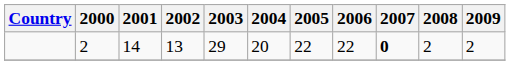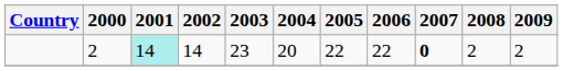 <table class="wikitable sortable" border="1">
 <tr>
 <th><a href='#'>Country</a></th>
 <th>2000</th>
 <th>2001</th>
 <th>2002</th>
 <th>2003</th>
 <th>2004</th>
 <th>2005</th>
 <th>2006</th>
 <th>2007</th>
 <th>2008</th>
 <th>2009</th>
 </tr>
 <tr>
 <td></td>
 <td>2</td>
+<td style="background: paleturquoise;">14</td>
 <td>14</td>
-<td>13</td>
-<td>29</td>
+<td>23</td>
 <td>20</td>
 <td>22</td>
 <td>22</td>
 <td><strong>0</strong></td>
 <td>2</td>
 <td>2</td>
 </tr>
 <tr>
 </tr>
 </table>
